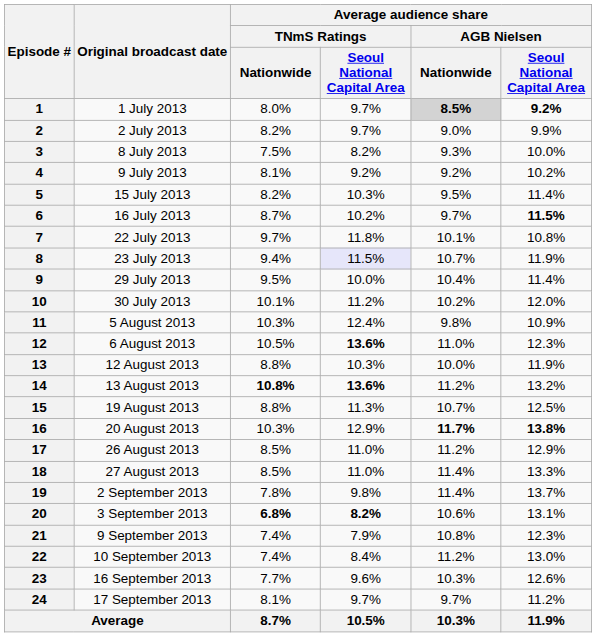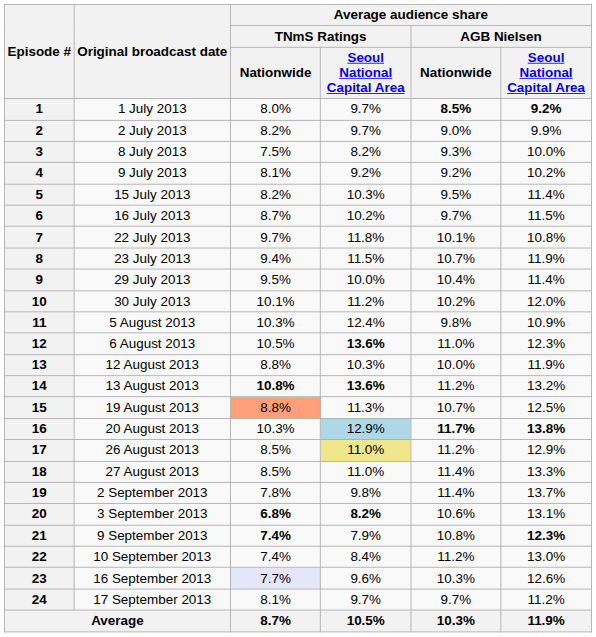 <table class=wikitable style="text-align:center">
 <tr>
 <th rowspan="3">Episode #</th>
 <th rowspan="3">Original broadcast date</th>
 <th colspan="4">Average audience share</th>
 </tr>
 <tr>
 <th colspan="2">TNmS Ratings</th>
 <th colspan="2">AGB Nielsen</th>
 </tr>
 <tr>
 <th width=100>Nationwide</th>
 <th width=100><a href='#'>Seoul National Capital Area</a></th>
 <th width=100>Nationwide</th>
 <th width=100><a href='#'>Seoul National Capital Area</a></th>
 </tr>
 <tr>
 <th>1</th>
 <td>1 July 2013</td>
 <td>8.0%</td>
 <td>9.7%</td>
-<td style="background: lightgrey;"><span><strong>8.5%</strong></span></td>
+<td><span><strong>8.5%</strong></span></td>
 <td><span><strong>9.2%</strong></span></td>
 </tr>
 <tr>
 <th>2</th>
 <td>2 July 2013</td>
 <td>8.2%</td>
 <td>9.7%</td>
 <td>9.0%</td>
 <td>9.9%</td>
 </tr>
 <tr>
 <th>3</th>
 <td>8 July 2013</td>
 <td>7.5%</td>
 <td>8.2%</td>
 <td>9.3%</td>
 <td>10.0%</td>
 </tr>
 <tr>
 <th>4</th>
 <td>9 July 2013</td>
 <td>8.1%</td>
 <td>9.2%</td>
 <td>9.2%</td>
 <td>10.2%</td>
 </tr>
 <tr>
 <th>5</th>
 <td>15 July 2013</td>
 <td>8.2%</td>
 <td>10.3%</td>
 <td>9.5%</td>
 <td>11.4%</td>
 </tr>
 <tr>
 <th>6</th>
 <td>16 July 2013</td>
 <td>8.7%</td>
 <td>10.2%</td>
 <td>9.7%</td>
-<td><strong>11.5%</strong></td>
+<td>11.5%</td>
 </tr>
 <tr>
 <th>7</th>
 <td>22 July 2013</td>
 <td>9.7%</td>
 <td>11.8%</td>
 <td>10.1%</td>
 <td>10.8%</td>
 </tr>
 <tr>
 <th>8</th>
 <td>23 July 2013</td>
 <td>9.4%</td>
-<td style="background: lavender;">11.5%</td>
+<td>11.5%</td>
 <td>10.7%</td>
 <td>11.9%</td>
 </tr>
 <tr>
 <th>9</th>
 <td>29 July 2013</td>
 <td>9.5%</td>
 <td>10.0%</td>
 <td>10.4%</td>
 <td>11.4%</td>
 </tr>
 <tr>
 <th>10</th>
 <td>30 July 2013</td>
 <td>10.1%</td>
 <td>11.2%</td>
 <td>10.2%</td>
 <td>12.0%</td>
 </tr>
 <tr>
 <th>11</th>
 <td>5 August 2013</td>
 <td>10.3%</td>
 <td>12.4%</td>
 <td>9.8%</td>
 <td>10.9%</td>
 </tr>
 <tr>
 <th>12</th>
 <td>6 August 2013</td>
 <td>10.5%</td>
 <td><span><strong>13.6%</strong></span></td>
 <td>11.0%</td>
 <td>12.3%</td>
 </tr>
 <tr>
 <th>13</th>
 <td>12 August 2013</td>
 <td>8.8%</td>
 <td>10.3%</td>
 <td>10.0%</td>
 <td>11.9%</td>
 </tr>
 <tr>
 <th>14</th>
 <td>13 August 2013</td>
 <td><span><strong>10.8%</strong></span></td>
 <td><span><strong>13.6%</strong></span></td>
 <td>11.2%</td>
 <td>13.2%</td>
 </tr>
 <tr>
 <th>15</th>
 <td>19 August 2013</td>
-<td>8.8%</td>
+<td style="background: lightsalmon;">8.8%</td>
 <td>11.3%</td>
 <td>10.7%</td>
 <td>12.5%</td>
 </tr>
 <tr>
 <th>16</th>
 <td>20 August 2013</td>
 <td>10.3%</td>
-<td>12.9%</td>
+<td style="background: lightblue;">12.9%</td>
 <td><span><strong>11.7%</strong></span></td>
 <td><span><strong>13.8%</strong></span></td>
 </tr>
 <tr>
 <th>17</th>
 <td>26 August 2013</td>
 <td>8.5%</td>
-<td>11.0%</td>
+<td style="background: khaki;">11.0%</td>
 <td>11.2%</td>
 <td>12.9%</td>
 </tr>
 <tr>
 <th>18</th>
 <td>27 August 2013</td>
 <td>8.5%</td>
 <td>11.0%</td>
 <td>11.4%</td>
 <td>13.3%</td>
 </tr>
 <tr>
 <th>19</th>
 <td>2 September 2013</td>
 <td>7.8%</td>
 <td>9.8%</td>
 <td>11.4%</td>
 <td>13.7%</td>
 </tr>
 <tr>
 <th>20</th>
 <td>3 September 2013</td>
 <td><span><strong>6.8%</strong></span></td>
 <td><span><strong>8.2%</strong></span></td>
 <td>10.6%</td>
 <td>13.1%</td>
 </tr>
 <tr>
 <th>21</th>
 <td>9 September 2013</td>
-<td>7.4%</td>
+<td><strong>7.4%</strong></td>
 <td>7.9%</td>
 <td>10.8%</td>
-<td>12.3%</td>
+<td><strong>12.3%</strong></td>
 </tr>
 <tr>
 <th>22</th>
 <td>10 September 2013</td>
 <td>7.4%</td>
 <td>8.4%</td>
 <td>11.2%</td>
 <td>13.0%</td>
 </tr>
 <tr>
 <th>23</th>
 <td>16 September 2013</td>
-<td>7.7%</td>
+<td style="background: lavender;">7.7%</td>
 <td>9.6%</td>
 <td>10.3%</td>
 <td>12.6%</td>
 </tr>
 <tr>
 <th>24</th>
 <td>17 September 2013</td>
 <td>8.1%</td>
 <td>9.7%</td>
 <td>9.7%</td>
 <td>11.2%</td>
 </tr>
 <tr>
 <th colspan=2>Average</th>
 <th>8.7%</th>
 <th>10.5%</th>
 <th>10.3%</th>
 <th>11.9%</th>
 </tr>
 </table>
